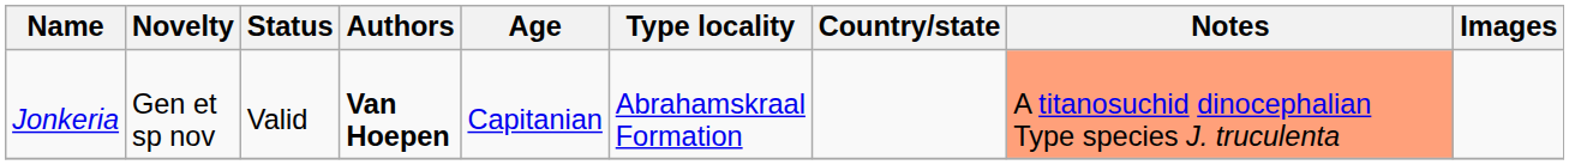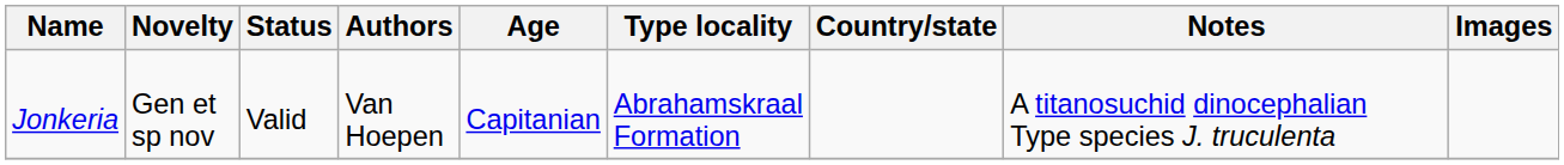 <table class="wikitable sortable" align="center" width="100%">
 <tr>
 <th>Name</th>
 <th>Novelty</th>
 <th>Status</th>
 <th>Authors</th>
 <th>Age</th>
 <th>Type locality</th>
 <th>Country/state</th>
 <th width="33%" class="unsortable">Notes</th>
 <th>Images</th>
 </tr>
 <tr>
 <td><br><em><a href='#'>Jonkeria</a></em></td>
 <td><br>Gen et sp nov</td>
 <td><br>Valid</td>
-<td><strong><br>Van Hoepen</strong></td>
+<td><br>Van Hoepen</td>
 <td><br><a href='#'>Capitanian</a></td>
 <td><br><a href='#'>Abrahamskraal Formation</a></td>
 <td><br></td>
-<td style="background: lightsalmon;"><br>A <a href='#'>titanosuchid</a> <a href='#'>dinocephalian</a><br> Type species <em>J. truculenta</em></td>
+<td><br>A <a href='#'>titanosuchid</a> <a href='#'>dinocephalian</a><br> Type species <em>J. truculenta</em></td>
 <td><br></td>
 </tr>
 <tr>
 </tr>
 </table>
